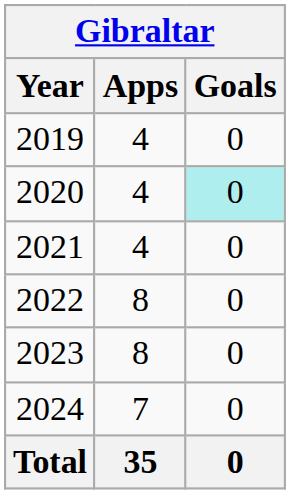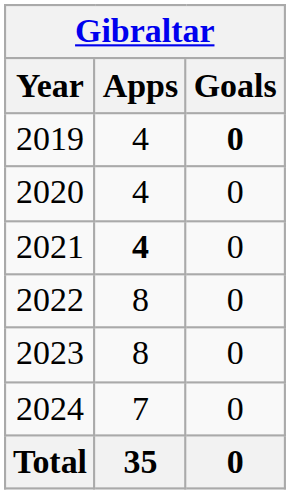 <table class="wikitable" style="text-align:center">
 <tr>
 <th colspan=3><a href='#'>Gibraltar</a></th>
 </tr>
 <tr>
 <th>Year</th>
 <th>Apps</th>
 <th>Goals</th>
 </tr>
 <tr>
 <td>2019</td>
 <td>4</td>
-<td>0</td>
+<td><strong>0</strong></td>
 </tr>
 <tr>
 <td>2020</td>
 <td>4</td>
-<td style="background: paleturquoise;">0</td>
+<td>0</td>
 </tr>
 <tr>
 <td>2021</td>
-<td>4</td>
+<td><strong>4</strong></td>
 <td>0</td>
 </tr>
 <tr>
 <td>2022</td>
 <td>8</td>
 <td>0</td>
 </tr>
 <tr>
 <td>2023</td>
 <td>8</td>
 <td>0</td>
 </tr>
 <tr>
 <td>2024</td>
 <td>7</td>
 <td>0</td>
 </tr>
 <tr>
 <th>Total</th>
 <th>35</th>
 <th>0</th>
 </tr>
 </table>
